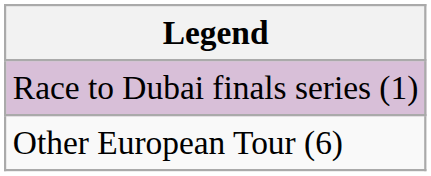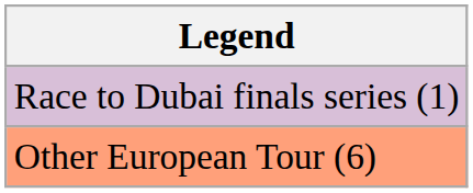 <table class="wikitable" style="font-size:95%;">
 <tr>
 <th>Legend</th>
 </tr>
 <tr style="background:thistle;">
 <td>Race to Dubai finals series (1)</td>
 </tr>
 <tr>
-<td>Other European Tour (6)</td>
+<td style="background: lightsalmon;">Other European Tour (6)</td>
 </tr>
 </table>
